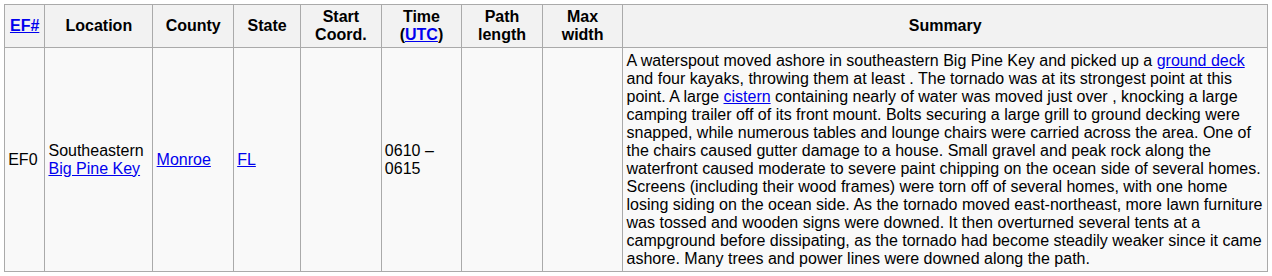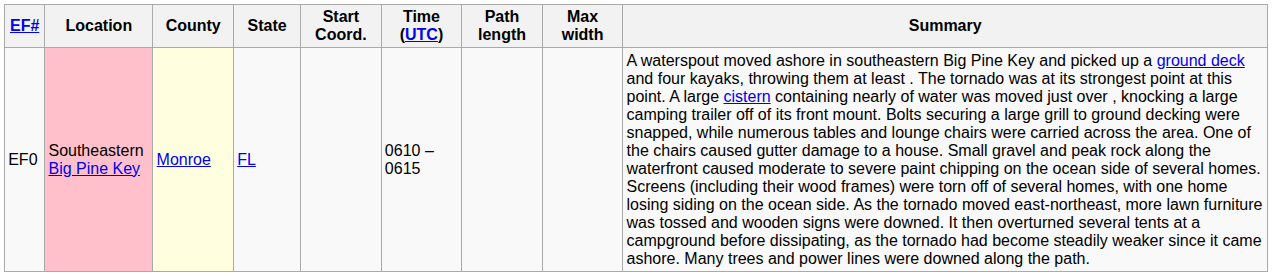 <table class="wikitable sortable" style="width:100%;">
 <tr>
 <th scope="col"  style="width:3%; text-align:center;"><a href='#'>EF#</a></th>
 <th scope="col"  style="width:7%; text-align:center;" class="unsortable">Location</th>
 <th scope="col"  style="width:6%; text-align:center;" class="unsortable">County</th>
 <th scope="col"  style="width:5%; text-align:center;">State</th>
 <th scope="col"  style="width:6%; text-align:center;">Start Coord.</th>
 <th scope="col"  style="width:6%; text-align:center;">Time (<a href='#'>UTC</a>)</th>
 <th scope="col"  style="width:6%; text-align:center;">Path length</th>
 <th scope="col"  style="width:6%; text-align:center;">Max width</th>
 <th scope="col" class="unsortable" style="width:48%; text-align:center;">Summary</th>
 </tr>
 <tr>
 <td>EF0</td>
-<td>Southeastern <a href='#'>Big Pine Key</a></td>
-<td><a href='#'>Monroe</a></td>
+<td style="background: pink;">Southeastern <a href='#'>Big Pine Key</a></td>
+<td style="background: lightyellow;"><a href='#'>Monroe</a></td>
 <td><a href='#'>FL</a></td>
 <td></td>
 <td>0610 – 0615</td>
 <td></td>
 <td></td>
 <td>A waterspout moved ashore in southeastern Big Pine Key and picked up a <a href='#'>ground deck</a> and four kayaks, throwing them at least . The tornado was at its strongest point at this point. A large <a href='#'>cistern</a> containing nearly  of water was moved just over , knocking a large camping trailer off of its front mount. Bolts securing a large grill to ground decking were snapped, while numerous tables and lounge chairs were carried across the area. One of the chairs caused gutter damage to a house. Small gravel and peak rock along the waterfront caused moderate to severe paint chipping on the ocean side of several homes. Screens (including their wood frames) were torn off of several homes, with one home losing siding on the ocean side. As the tornado moved east-northeast, more lawn furniture was tossed and wooden signs were downed. It then overturned several tents at a campground before dissipating, as the tornado had become steadily weaker since it came ashore. Many trees and power lines were downed along the path.</td>
 </tr>
 <tr>
 </tr>
 </table>
